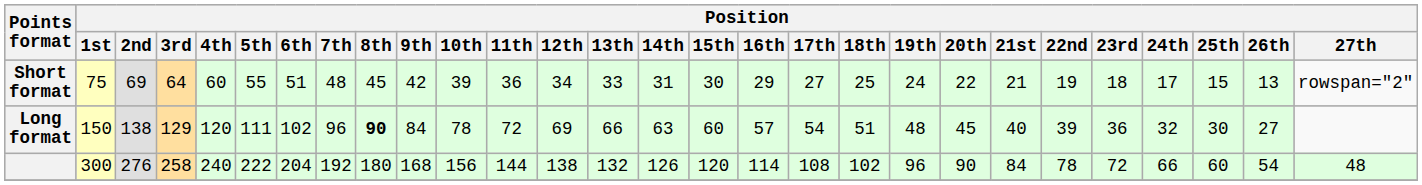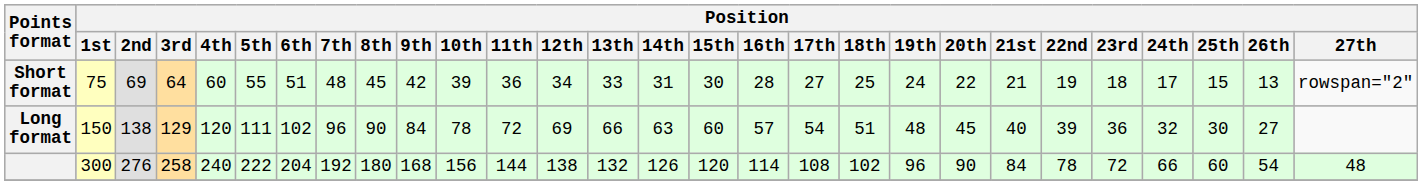 <table class="wikitable" style="font-size:85%; text-align:center">
 <tr style="background:#f9f9f9">
 <th rowspan="2">Points format</th>
 <th colspan="27">Position</th>
 </tr>
 <tr>
 <th>1st</th>
 <th>2nd</th>
 <th>3rd</th>
 <th>4th</th>
 <th>5th</th>
 <th>6th</th>
 <th>7th</th>
 <th>8th</th>
 <th>9th</th>
 <th>10th</th>
 <th>11th</th>
 <th>12th</th>
 <th>13th</th>
 <th>14th</th>
 <th>15th</th>
 <th>16th</th>
 <th>17th</th>
 <th>18th</th>
 <th>19th</th>
 <th>20th</th>
 <th>21st</th>
 <th>22nd</th>
 <th>23rd</th>
 <th>24th</th>
 <th>25th</th>
 <th>26th</th>
 <th>27th</th>
 </tr>
 <tr>
 <th>Short format</th>
 <td style="background:#ffffbf;">75</td>
 <td style="background:#dfdfdf;">69</td>
 <td style="background:#ffdf9f;">64</td>
 <td style="background:#dfffdf;">60</td>
 <td style="background:#dfffdf;">55</td>
 <td style="background:#dfffdf;">51</td>
 <td style="background:#dfffdf;">48</td>
 <td style="background:#dfffdf;">45</td>
 <td style="background:#dfffdf;">42</td>
 <td style="background:#dfffdf;">39</td>
 <td style="background:#dfffdf;">36</td>
 <td style="background:#dfffdf;">34</td>
 <td style="background:#dfffdf;">33</td>
 <td style="background:#dfffdf;">31</td>
 <td style="background:#dfffdf;">30</td>
-<td style="background:#dfffdf;">29</td>
+<td style="background:#dfffdf;">28</td>
 <td style="background:#dfffdf;">27</td>
 <td style="background:#dfffdf;">25</td>
 <td style="background:#dfffdf;">24</td>
 <td style="background:#dfffdf;">22</td>
 <td style="background:#dfffdf;">21</td>
 <td style="background:#dfffdf;">19</td>
 <td style="background:#dfffdf;">18</td>
 <td style="background:#dfffdf;">17</td>
 <td style="background:#dfffdf;">15</td>
 <td style="background:#dfffdf;">13</td>
 <td>rowspan="2" </td>
 </tr>
 <tr>
 <th>Long format</th>
 <td style="background:#ffffbf;">150</td>
 <td style="background:#dfdfdf;">138</td>
 <td style="background:#ffdf9f;">129</td>
 <td style="background:#dfffdf;">120</td>
 <td style="background:#dfffdf;">111</td>
 <td style="background:#dfffdf;">102</td>
 <td style="background:#dfffdf;">96</td>
-<td style="background:#dfffdf;"><strong>90</strong></td>
+<td style="background:#dfffdf;">90</td>
 <td style="background:#dfffdf;">84</td>
 <td style="background:#dfffdf;">78</td>
 <td style="background:#dfffdf;">72</td>
 <td style="background:#dfffdf;">69</td>
 <td style="background:#dfffdf;">66</td>
 <td style="background:#dfffdf;">63</td>
 <td style="background:#dfffdf;">60</td>
 <td style="background:#dfffdf;">57</td>
 <td style="background:#dfffdf;">54</td>
 <td style="background:#dfffdf;">51</td>
 <td style="background:#dfffdf;">48</td>
 <td style="background:#dfffdf;">45</td>
 <td style="background:#dfffdf;">40</td>
 <td style="background:#dfffdf;">39</td>
 <td style="background:#dfffdf;">36</td>
 <td style="background:#dfffdf;">32</td>
 <td style="background:#dfffdf;">30</td>
 <td style="background:#dfffdf;">27</td>
 </tr>
 <tr>
 <th></th>
 <td style="background:#ffffbf;">300</td>
 <td style="background:#dfdfdf;">276</td>
 <td style="background:#ffdf9f;">258</td>
 <td style="background:#dfffdf;">240</td>
 <td style="background:#dfffdf;">222</td>
 <td style="background:#dfffdf;">204</td>
 <td style="background:#dfffdf;">192</td>
 <td style="background:#dfffdf;">180</td>
 <td style="background:#dfffdf;">168</td>
 <td style="background:#dfffdf;">156</td>
 <td style="background:#dfffdf;">144</td>
 <td style="background:#dfffdf;">138</td>
 <td style="background:#dfffdf;">132</td>
 <td style="background:#dfffdf;">126</td>
 <td style="background:#dfffdf;">120</td>
 <td style="background:#dfffdf;">114</td>
 <td style="background:#dfffdf;">108</td>
 <td style="background:#dfffdf;">102</td>
 <td style="background:#dfffdf;">96</td>
 <td style="background:#dfffdf;">90</td>
 <td style="background:#dfffdf;">84</td>
 <td style="background:#dfffdf;">78</td>
 <td style="background:#dfffdf;">72</td>
 <td style="background:#dfffdf;">66</td>
 <td style="background:#dfffdf;">60</td>
 <td style="background:#dfffdf;">54</td>
 <td style="background:#dfffdf;">48</td>
 </tr>
 <tr>
 </tr>
 </table>
